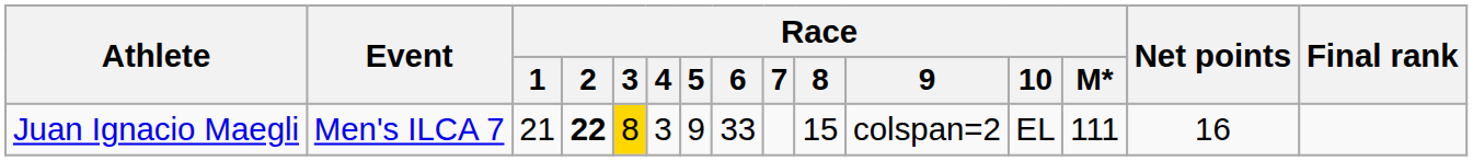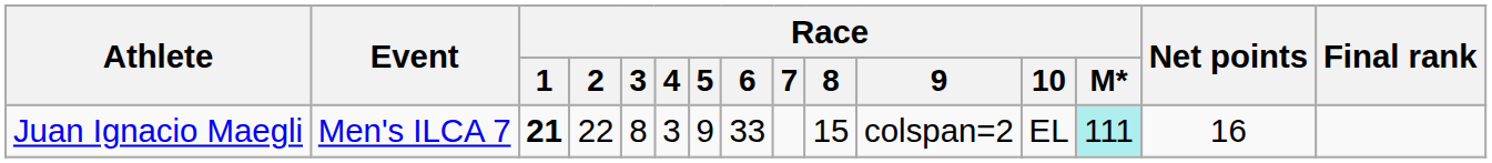 <table class="wikitable" style="font-size:90%">
 <tr>
 <th rowspan="2">Athlete</th>
 <th rowspan="2">Event</th>
 <th colspan=11>Race</th>
 <th rowspan=2>Net points</th>
 <th rowspan=2>Final rank</th>
 </tr>
 <tr style="font-size:95%">
 <th>1</th>
 <th>2</th>
 <th>3</th>
 <th>4</th>
 <th>5</th>
 <th>6</th>
 <th>7</th>
 <th>8</th>
 <th>9</th>
 <th>10</th>
 <th>M*</th>
 </tr>
 <tr align=center>
 <td align=left><a href='#'>Juan Ignacio Maegli</a></td>
 <td align=left><a href='#'>Men's ILCA 7</a></td>
-<td>21</td>
-<td><strong>22</strong></td>
-<td style="background: gold;">8</td>
+<td><strong>21</strong></td>
+<td>22</td>
+<td>8</td>
 <td>3</td>
 <td>9</td>
 <td>33</td>
 <td></td>
 <td>15</td>
 <td>colspan=2 </td>
 <td>EL</td>
-<td>111</td>
+<td style="background: paleturquoise;">111</td>
 <td>16</td>
 </tr>
 </table>
